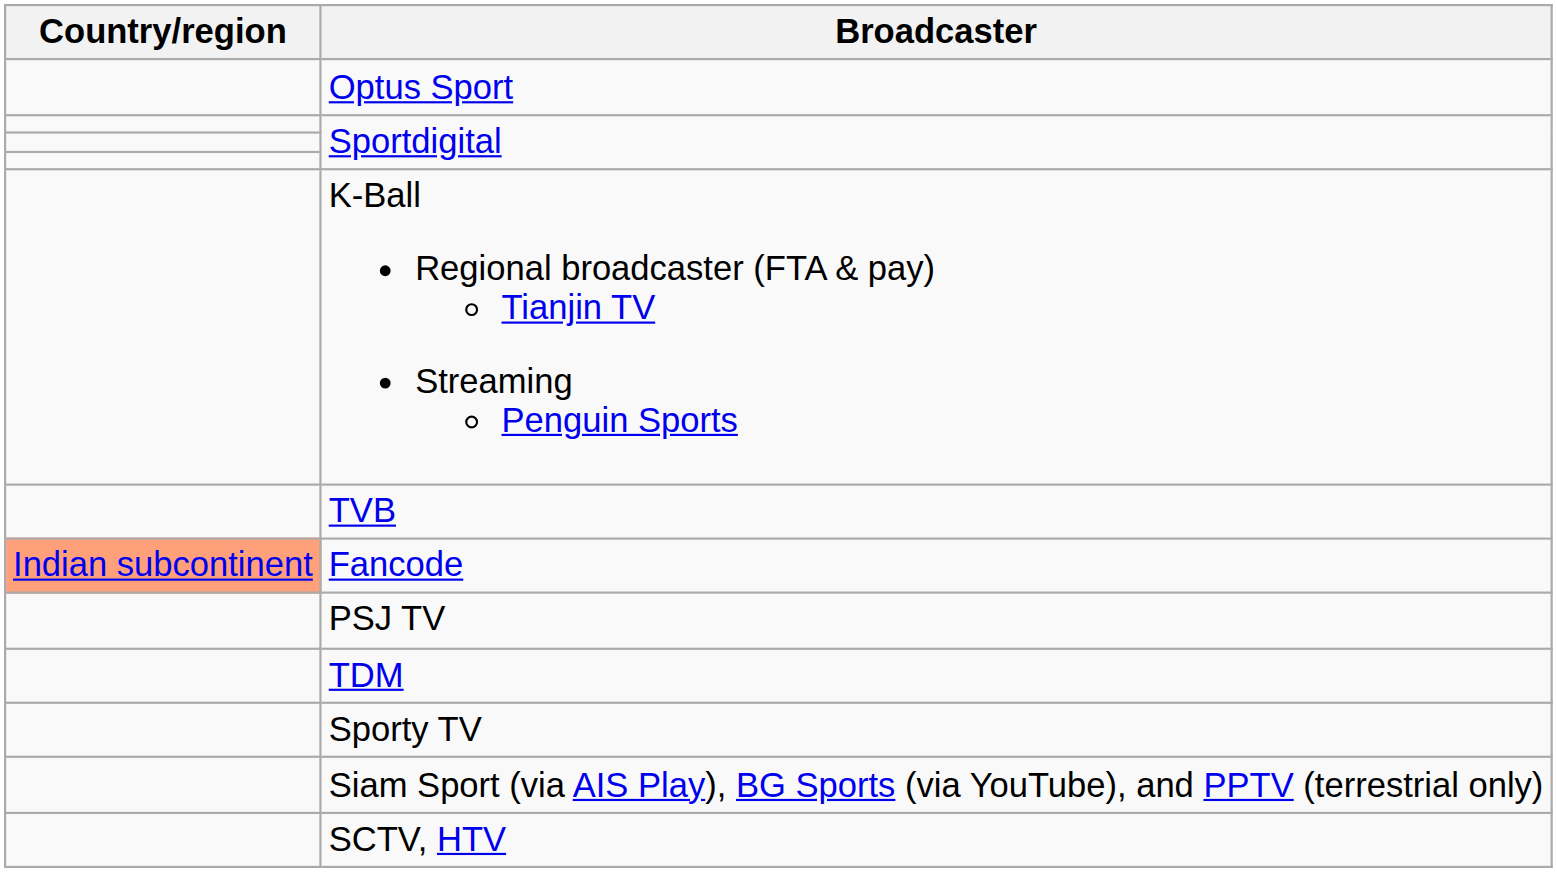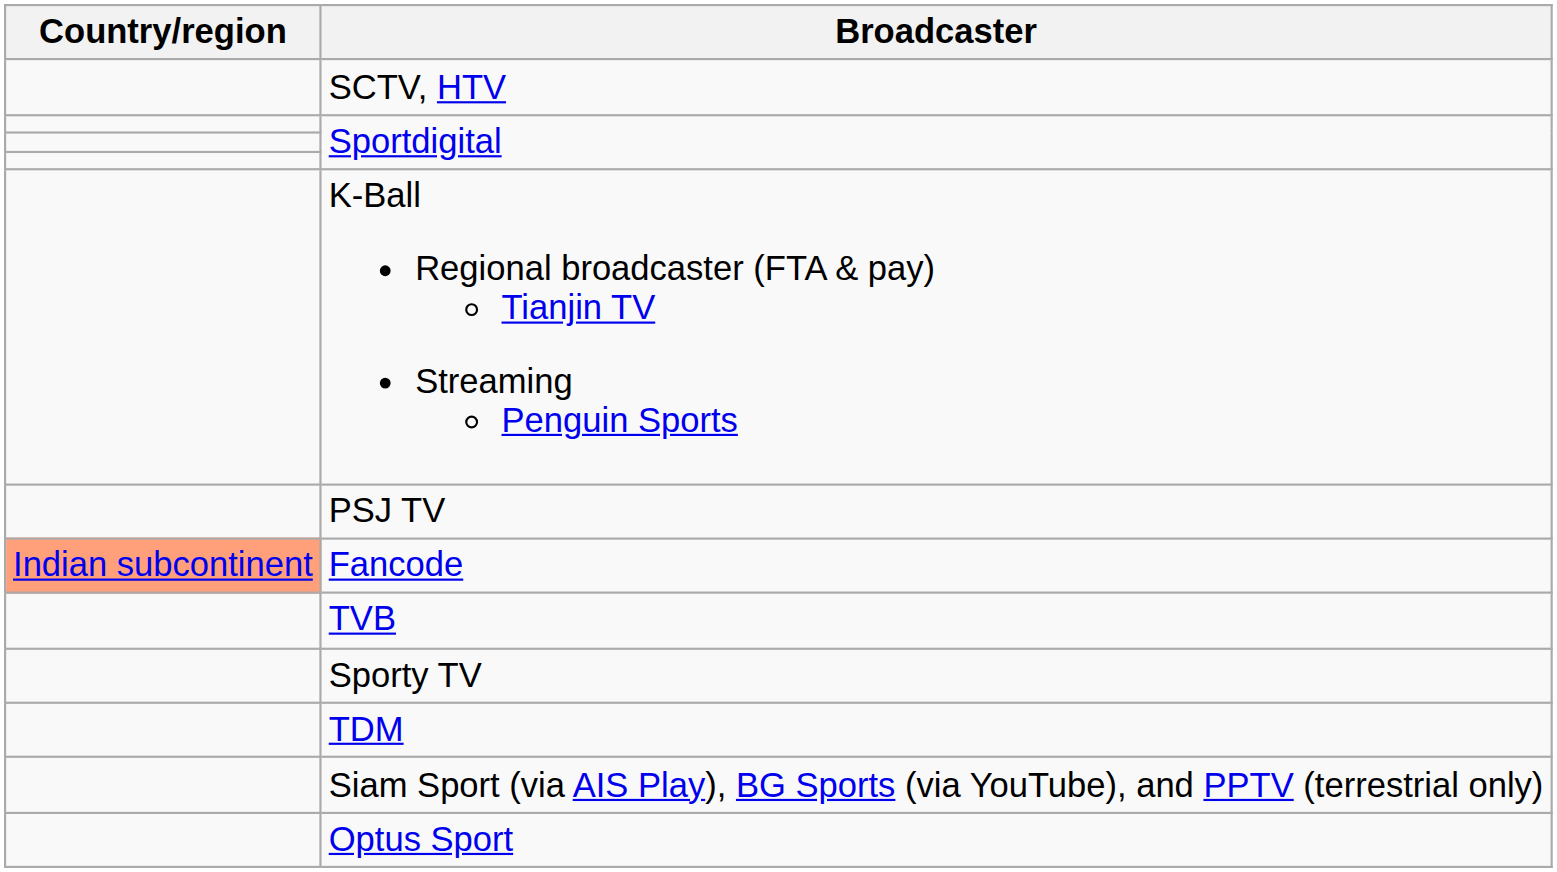 <table class="wikitable">
 <tr>
 <th>Country/region</th>
 <th>Broadcaster</th>
 </tr>
 <tr>
 <td></td>
-<td><a href='#'>Optus Sport</a></td>
+<td>SCTV, <a href='#'>HTV</a></td>
 </tr>
 <tr>
 <td></td>
 <td rowspan="3"><a href='#'>Sportdigital</a></td>
 </tr>
 <tr>
 <td></td>
 </tr>
 <tr>
 <td></td>
 </tr>
 <tr>
 <td></td>
 <td>K-Ball<br><ul><li>Regional broadcaster (FTA & pay)<ul><li><a href='#'>Tianjin TV</a></li></ul></li></ul><ul><li>Streaming<ul><li><a href='#'>Penguin Sports</a></li></ul></li></ul></td>
 </tr>
 <tr>
 <td></td>
-<td><a href='#'>TVB</a></td>
+<td>PSJ TV</td>
 </tr>
 <tr>
 <td style="background: lightsalmon;"><a href='#'>Indian subcontinent</a></td>
 <td><a href='#'>Fancode</a></td>
 </tr>
 <tr>
 <td></td>
-<td>PSJ TV</td>
+<td><a href='#'>TVB</a></td>
+</tr>
+<tr>
+<td></td>
+<td>Sporty TV</td>
 </tr>
 <tr>
 <td></td>
 <td><a href='#'>TDM</a></td>
 </tr>
 <tr>
 <td></td>
-<td>Sporty TV</td>
-</tr>
-<tr>
-<td></td>
 <td>Siam Sport (via <a href='#'>AIS Play</a>), <a href='#'>BG Sports</a> (via YouTube), and <a href='#'>PPTV</a> (terrestrial only)</td>
 </tr>
 <tr>
 <td></td>
-<td>SCTV, <a href='#'>HTV</a></td>
+<td><a href='#'>Optus Sport</a></td>
 </tr>
 </table>
